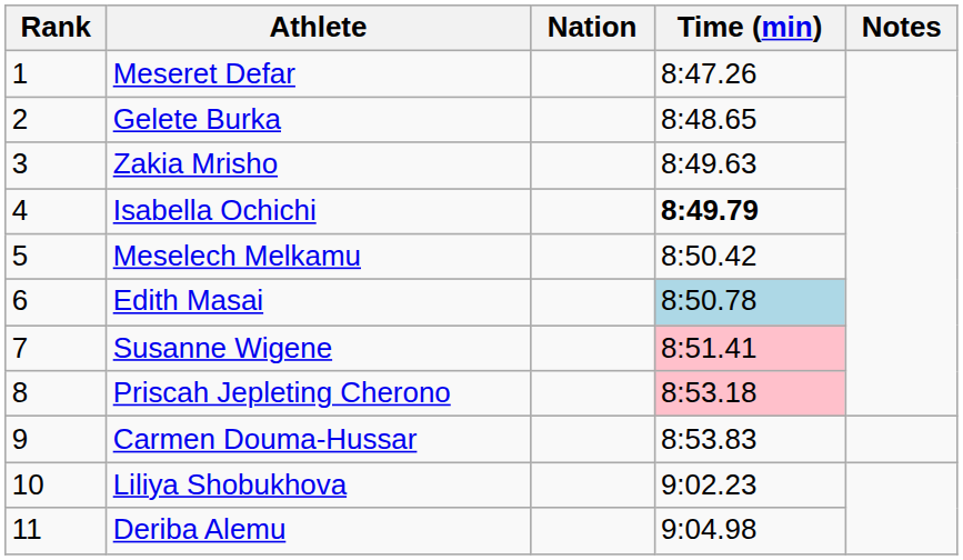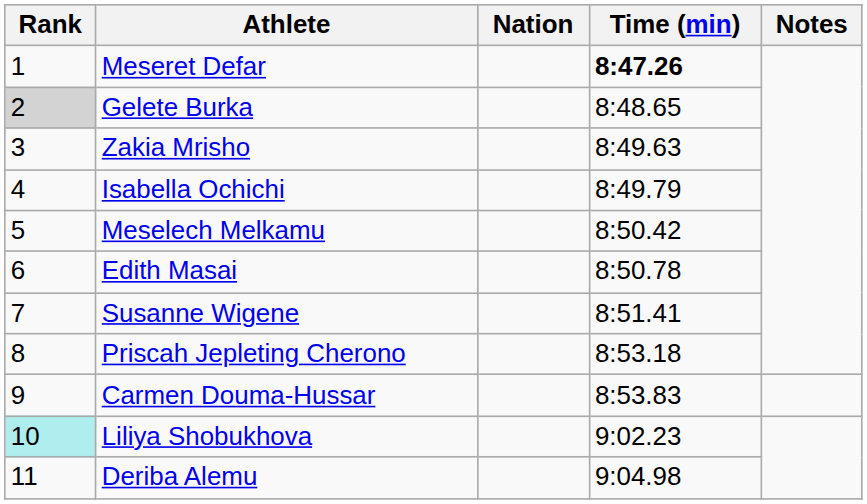 <table class="wikitable" style="text=align:center;" width=85%>
 <tr>
 <th>Rank</th>
 <th>Athlete</th>
 <th>Nation</th>
 <th>Time (<a href='#'>min</a>)</th>
 <th>Notes</th>
 </tr>
 <tr>
 <td>1</td>
 <td><a href='#'>Meseret Defar</a></td>
 <td></td>
-<td>8:47.26</td>
+<td><strong>8:47.26</strong></td>
 </tr>
 <tr>
-<td>2</td>
+<td style="background: lightgrey;">2</td>
 <td><a href='#'>Gelete Burka</a></td>
 <td></td>
 <td>8:48.65</td>
 </tr>
 <tr>
 <td>3</td>
 <td><a href='#'>Zakia Mrisho</a></td>
 <td></td>
 <td>8:49.63</td>
 </tr>
 <tr>
 <td>4</td>
 <td><a href='#'>Isabella Ochichi</a></td>
 <td></td>
-<td><strong>8:49.79</strong></td>
+<td>8:49.79</td>
 </tr>
 <tr>
 <td>5</td>
 <td><a href='#'>Meselech Melkamu</a></td>
 <td></td>
 <td>8:50.42</td>
 </tr>
 <tr>
 <td>6</td>
 <td><a href='#'>Edith Masai</a></td>
 <td></td>
-<td style="background: lightblue;">8:50.78</td>
+<td>8:50.78</td>
 </tr>
 <tr>
 <td>7</td>
 <td><a href='#'>Susanne Wigene</a></td>
 <td></td>
-<td style="background: pink;">8:51.41</td>
+<td>8:51.41</td>
 </tr>
 <tr>
 <td>8</td>
 <td><a href='#'>Priscah Jepleting Cherono</a></td>
 <td></td>
-<td style="background: pink;">8:53.18</td>
+<td>8:53.18</td>
 </tr>
 <tr>
 <td>9</td>
 <td><a href='#'>Carmen Douma-Hussar</a></td>
 <td></td>
 <td>8:53.83</td>
 <td></td>
 </tr>
 <tr>
-<td>10</td>
+<td style="background: paleturquoise;">10</td>
 <td><a href='#'>Liliya Shobukhova</a></td>
 <td></td>
 <td>9:02.23</td>
 </tr>
 <tr>
 <td>11</td>
 <td><a href='#'>Deriba Alemu</a></td>
 <td></td>
 <td>9:04.98</td>
 </tr>
 </table>
